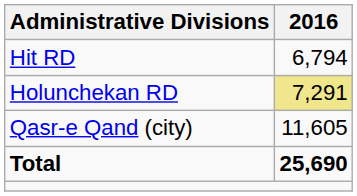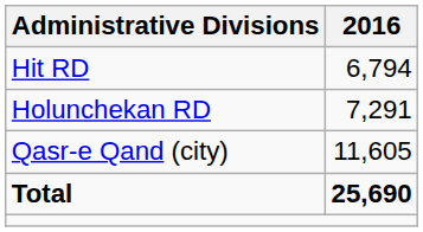 <table class="wikitable">
 <tr>
 <th>Administrative Divisions</th>
 <th>2016</th>
 </tr>
 <tr>
 <td><a href='#'>Hit RD</a></td>
 <td style="text-align: right;">6,794</td>
 </tr>
 <tr>
 <td><a href='#'>Holunchekan RD</a></td>
-<td style="background: khaki; text-align: right;">7,291</td>
+<td style="text-align: right;">7,291</td>
 </tr>
 <tr>
 <td><a href='#'>Qasr-e Qand</a> (city)</td>
 <td style="text-align: right;">11,605</td>
 </tr>
 <tr>
 <td><strong>Total</strong></td>
 <td style="text-align: right;"><strong>25,690</strong></td>
 </tr>
 <tr>
 <td colspan=2></td>
 </tr>
 </table>
